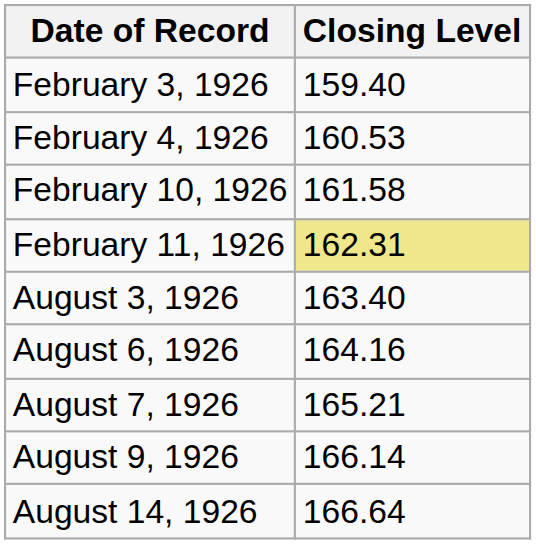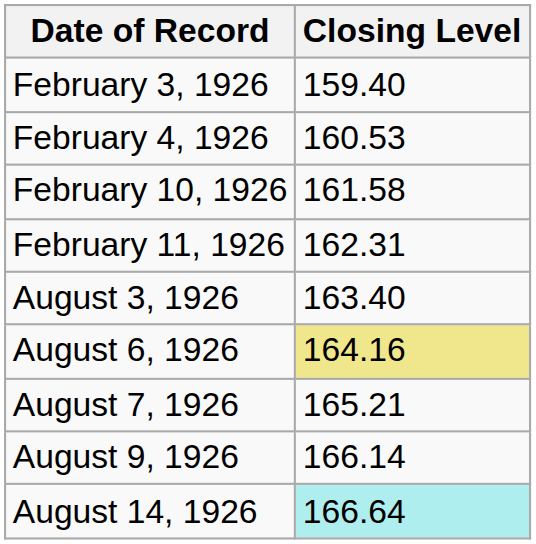 <table class="wikitable">
 <tr>
 <th>Date of Record</th>
 <th>Closing Level</th>
 </tr>
 <tr>
 <td>February 3, 1926</td>
 <td>159.40</td>
 </tr>
 <tr>
 <td>February 4, 1926</td>
 <td>160.53</td>
 </tr>
 <tr>
 <td>February 10, 1926</td>
 <td>161.58</td>
 </tr>
 <tr>
 <td>February 11, 1926</td>
-<td style="background: khaki;">162.31</td>
+<td>162.31</td>
 </tr>
 <tr>
 <td>August 3, 1926</td>
 <td>163.40</td>
 </tr>
 <tr>
 <td>August 6, 1926</td>
-<td>164.16</td>
+<td style="background: khaki;">164.16</td>
 </tr>
 <tr>
 <td>August 7, 1926</td>
 <td>165.21</td>
 </tr>
 <tr>
 <td>August 9, 1926</td>
 <td>166.14</td>
 </tr>
 <tr>
 <td>August 14, 1926</td>
-<td>166.64</td>
+<td style="background: paleturquoise;">166.64</td>
 </tr>
 </table>
